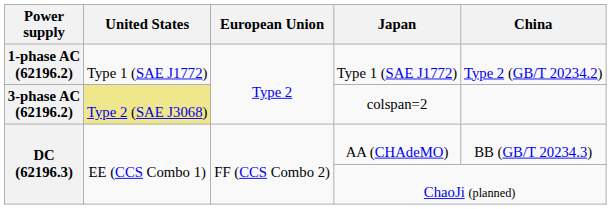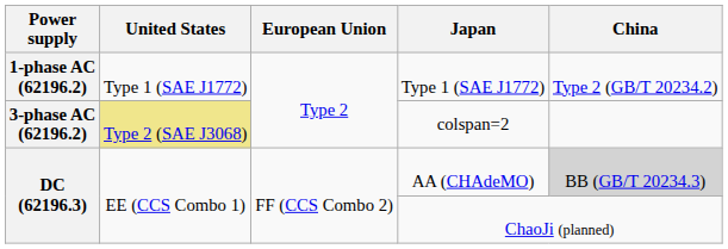 <table class=wikitable style="text-align:center;font-size:100%;">
 <tr>
 <th>Power <br>supply</th>
 <th>United States</th>
 <th>European Union</th>
 <th>Japan</th>
 <th>China</th>
 </tr>
 <tr>
 <th>1-phase AC<br>(62196.2)</th>
 <td><br>Type 1 (<a href='#'>SAE J1772</a>)</td>
 <td rowspan=2><br><a href='#'>Type 2</a><br></td>
 <td><br>Type 1 (<a href='#'>SAE J1772</a>)</td>
 <td><br><a href='#'>Type 2</a> (<a href='#'>GB/T 20234.2</a>)</td>
 </tr>
 <tr>
 <th>3-phase AC<br>(62196.2)</th>
 <td style="background: khaki;"><br><a href='#'>Type 2</a> (<a href='#'>SAE J3068</a>)</td>
 <td>colspan=2 </td>
 </tr>
 <tr>
 <th rowspan=2>DC<br>(62196.3)</th>
 <td rowspan=2><br>EE (<a href='#'>CCS</a> Combo 1)</td>
 <td rowspan=2><br>FF (<a href='#'>CCS</a> Combo 2)</td>
 <td><br>AA (<a href='#'>CHAdeMO</a>)</td>
-<td><br>BB (<a href='#'>GB/T 20234.3</a>)</td>
+<td style="background: lightgrey;"><br>BB (<a href='#'>GB/T 20234.3</a>)</td>
 </tr>
 <tr>
 <td colspan=2><br><a href='#'>ChaoJi</a> <small>(planned)</small></td>
 </tr>
 </table>
